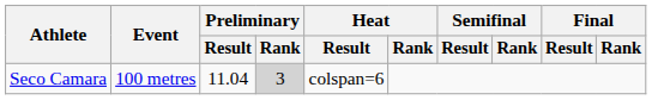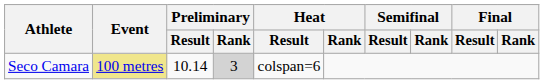 <table class="wikitable" style="font-size:90%">
 <tr>
 <th rowspan="2">Athlete</th>
 <th rowspan="2">Event</th>
 <th colspan="2">Preliminary</th>
 <th colspan="2">Heat</th>
 <th colspan="2">Semifinal</th>
 <th colspan="2">Final</th>
 </tr>
 <tr style="font-size:95%">
 <th>Result</th>
 <th>Rank</th>
 <th>Result</th>
 <th>Rank</th>
 <th>Result</th>
 <th>Rank</th>
 <th>Result</th>
 <th>Rank</th>
 </tr>
 <tr align=center>
 <td align=left><a href='#'>Seco Camara</a></td>
-<td align=left><a href='#'>100 metres</a></td>
-<td>11.04</td>
+<td align=left style="background: khaki;"><a href='#'>100 metres</a></td>
+<td>10.14</td>
 <td style="background: lightgrey;">3</td>
 <td>colspan=6 </td>
 </tr>
 </table>
